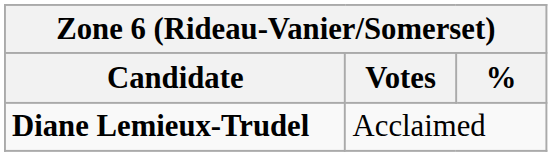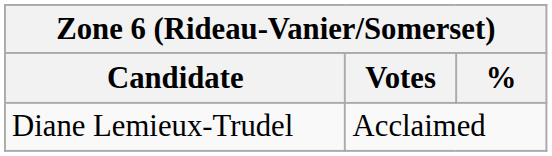 <table class="wikitable">
 <tr>
 <th colspan="3">Zone 6 (Rideau-Vanier/Somerset)</th>
 </tr>
 <tr>
 <th style="width: 170px">Candidate</th>
 <th style="width: 50px">Votes</th>
 <th style="width: 40px">%</th>
 </tr>
 <tr>
-<td><strong>Diane Lemieux-Trudel</strong></td>
+<td>Diane Lemieux-Trudel</td>
 <td colspan="2">Acclaimed</td>
 </tr>
 </table>
